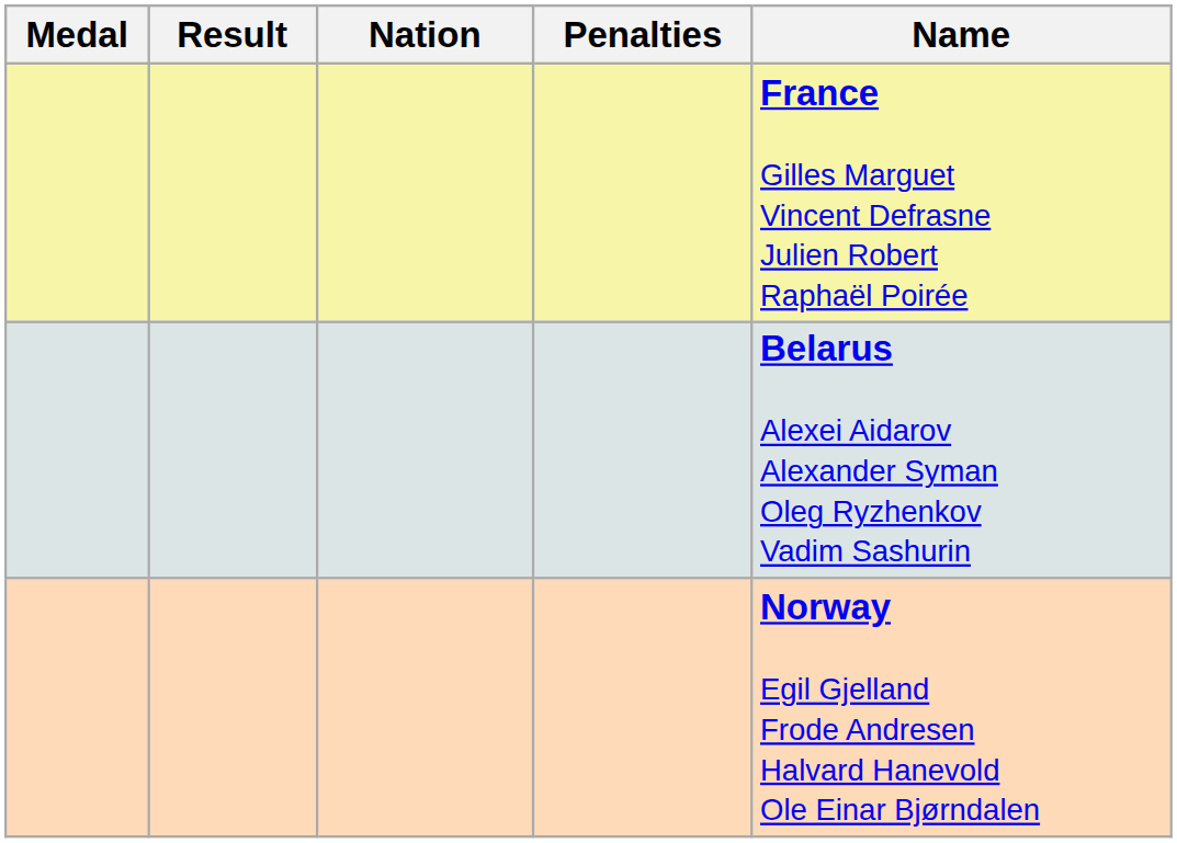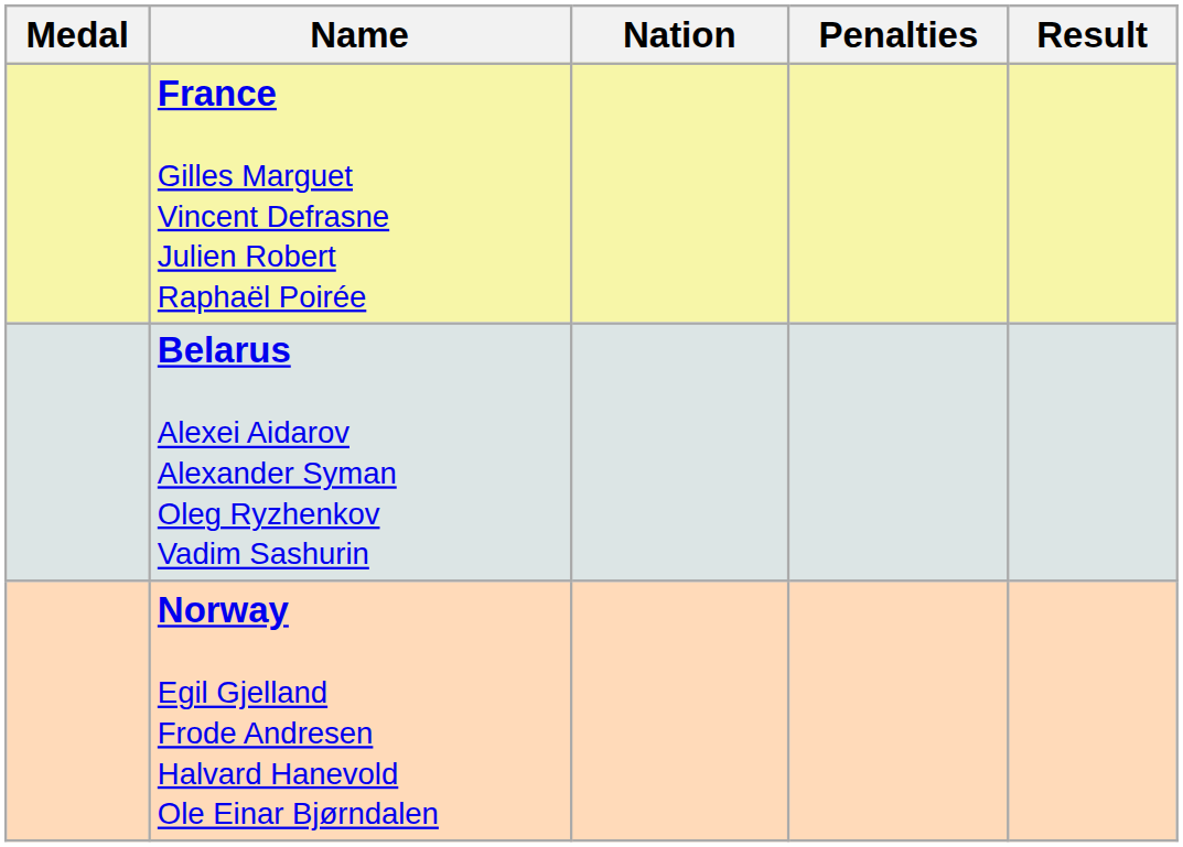 <table class=wikitable style="border:1px solid #AAAAAA;font-size:90%">
 <tr bgcolor="#E4E4E4">
 <th style="border-bottom:1px solid #AAAAAA" width=50>Medal</th>
-<th style="border-bottom:1px solid #AAAAAA" width=60>Result</th>
+<th style="border-bottom:1px solid #AAAAAA" width=160>Name</th>
 <th style="border-bottom:1px solid #AAAAAA" width=80>Nation</th>
 <th style="border-bottom:1px solid #AAAAAA" width=80>Penalties</th>
-<th style="border-bottom:1px solid #AAAAAA" width=160>Name</th>
+<th style="border-bottom:1px solid #AAAAAA" width=60>Result</th>
 </tr>
 <tr bgcolor="#F7F6A8">
 <td align="center"></td>
-<td align="center"></td>
+<td><strong><a href='#'>France</a></strong><br><br><small><a href='#'>Gilles Marguet</a><br><a href='#'>Vincent Defrasne</a><br><a href='#'>Julien Robert</a><br><a href='#'>Raphaël Poirée</a></small></td>
 <td></td>
 <td align="center"></td>
-<td><strong><a href='#'>France</a></strong><br><br><small><a href='#'>Gilles Marguet</a><br><a href='#'>Vincent Defrasne</a><br><a href='#'>Julien Robert</a><br><a href='#'>Raphaël Poirée</a></small></td>
+<td align="center"></td>
 </tr>
 <tr bgcolor="#DCE5E5">
 <td align="center"></td>
-<td align="right"></td>
+<td><strong><a href='#'>Belarus</a></strong><br><br><small><a href='#'>Alexei Aidarov</a><br><a href='#'>Alexander Syman</a><br><a href='#'>Oleg Ryzhenkov</a><br><a href='#'>Vadim Sashurin</a></small></td>
 <td></td>
 <td align="center"></td>
-<td><strong><a href='#'>Belarus</a></strong><br><br><small><a href='#'>Alexei Aidarov</a><br><a href='#'>Alexander Syman</a><br><a href='#'>Oleg Ryzhenkov</a><br><a href='#'>Vadim Sashurin</a></small></td>
+<td align="right"></td>
 </tr>
 <tr bgcolor="#FFDAB9">
 <td align="center"></td>
-<td align="right"></td>
+<td><strong><a href='#'>Norway</a></strong><br><br><small><a href='#'>Egil Gjelland</a><br><a href='#'>Frode Andresen</a><br><a href='#'>Halvard Hanevold</a><br><a href='#'>Ole Einar Bjørndalen</a></small></td>
 <td></td>
 <td align="center"></td>
-<td><strong><a href='#'>Norway</a></strong><br><br><small><a href='#'>Egil Gjelland</a><br><a href='#'>Frode Andresen</a><br><a href='#'>Halvard Hanevold</a><br><a href='#'>Ole Einar Bjørndalen</a></small></td>
+<td align="right"></td>
 </tr>
 </table>
